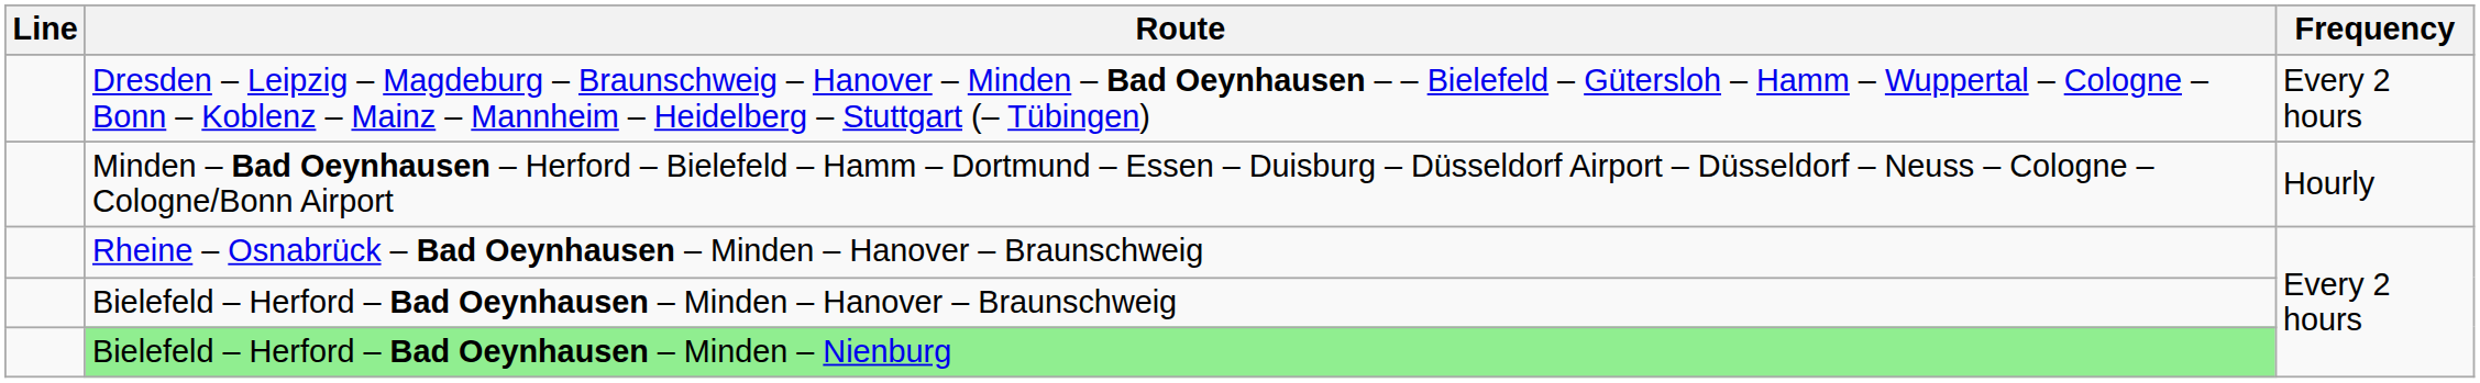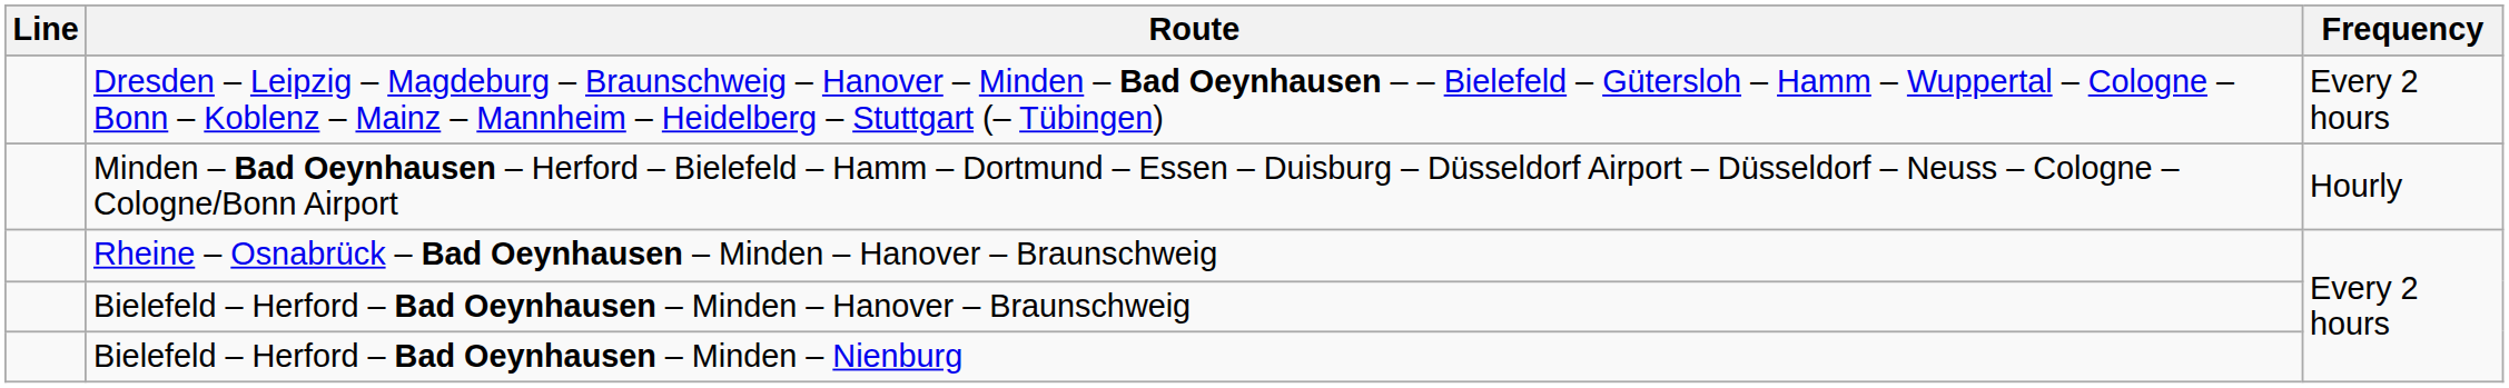 <table class="wikitable">
 <tr>
 <th>Line</th>
 <th>Route</th>
 <th>Frequency</th>
 </tr>
 <tr>
 <td></td>
 <td><a href='#'>Dresden</a> – <a href='#'>Leipzig</a> – <a href='#'>Magdeburg</a> – <a href='#'>Braunschweig</a> – <a href='#'>Hanover</a> – <a href='#'>Minden</a> – <strong>Bad Oeynhausen</strong> –  – <a href='#'>Bielefeld</a> – <a href='#'>Gütersloh</a> – <a href='#'>Hamm</a> – <a href='#'>Wuppertal</a> – <a href='#'>Cologne</a> – <a href='#'>Bonn</a> – <a href='#'>Koblenz</a> – <a href='#'>Mainz</a> – <a href='#'>Mannheim</a> – <a href='#'>Heidelberg</a> – <a href='#'>Stuttgart</a> (– <a href='#'>Tübingen</a>)</td>
 <td>Every 2 hours</td>
 </tr>
 <tr>
 <td></td>
 <td>Minden – <strong>Bad Oeynhausen</strong> – Herford – Bielefeld – Hamm – Dortmund – Essen – Duisburg – Düsseldorf Airport – Düsseldorf – Neuss – Cologne – Cologne/Bonn Airport</td>
 <td>Hourly</td>
 </tr>
 <tr>
 <td></td>
 <td><a href='#'>Rheine</a> – <a href='#'>Osnabrück</a> – <strong>Bad Oeynhausen</strong> – Minden – Hanover – Braunschweig</td>
 <td rowspan="3">Every 2 hours</td>
 </tr>
 <tr>
 <td></td>
 <td>Bielefeld – Herford – <strong>Bad Oeynhausen</strong> – Minden – Hanover – Braunschweig</td>
 </tr>
 <tr>
 <td></td>
-<td style="background: lightgreen;">Bielefeld – Herford – <strong>Bad Oeynhausen</strong> – Minden – <a href='#'>Nienburg</a></td>
+<td>Bielefeld – Herford – <strong>Bad Oeynhausen</strong> – Minden – <a href='#'>Nienburg</a></td>
 </tr>
 </table>
